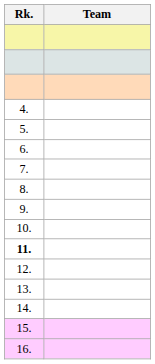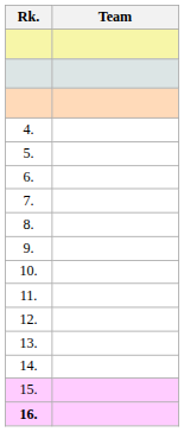 <table class="wikitable" style="border:1px solid #aaa; font-size:90%;">
 <tr style="background:#e4e4e4;">
 <th style="border-bottom:1px solid #aaa; width:40px;">Rk.</th>
 <th style="border-bottom:1px solid #aaa; width:120px;">Team</th>
 </tr>
 <tr style="background:#f7f6a8;">
 <td style="text-align:center; height:23px;"></td>
 <td><strong></strong></td>
 </tr>
 <tr style="background:#dce5e5;">
 <td style="text-align:center; height:23px;"></td>
 <td></td>
 </tr>
 <tr style="background:#ffdab9;">
 <td style="text-align:center; height:23px;"></td>
 <td></td>
 </tr>
 <tr style="background:#fff;">
 <td style="text-align:center;">4.</td>
 <td></td>
 </tr>
 <tr style="background:#fff;">
 <td style="text-align:center;">5.</td>
 <td></td>
 </tr>
 <tr style="background:#fff;">
 <td style="text-align:center;">6.</td>
 <td></td>
 </tr>
 <tr style="background:#fff;">
 <td style="text-align:center;">7.</td>
 <td></td>
 </tr>
 <tr style="background:#fff;">
 <td style="text-align:center;">8.</td>
 <td></td>
 </tr>
 <tr style="background:#fff;">
 <td style="text-align:center;">9.</td>
 <td></td>
 </tr>
 <tr style="background:#fff;">
 <td style="text-align:center;">10.</td>
 <td></td>
 </tr>
 <tr style="background:#fff;">
-<td style="text-align:center;"><strong>11.</strong></td>
+<td style="text-align:center;">11.</td>
 <td></td>
 </tr>
 <tr style="background:#fff;">
 <td style="text-align:center;">12.</td>
 <td></td>
 </tr>
 <tr style="background:#fff;">
 <td style="text-align:center;">13.</td>
 <td></td>
 </tr>
 <tr style="background:#fff;">
 <td style="text-align:center;">14.</td>
 <td></td>
 </tr>
 <tr style="background:#fcf;">
 <td style="text-align:center;">15.</td>
 <td></td>
 </tr>
 <tr style="background:#fcf;">
-<td style="text-align:center;">16.</td>
+<td style="text-align:center;"><strong>16.</strong></td>
 <td></td>
 </tr>
 </table>
